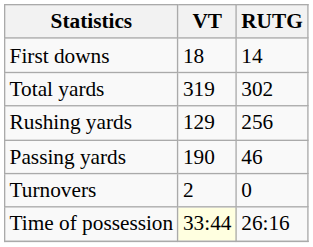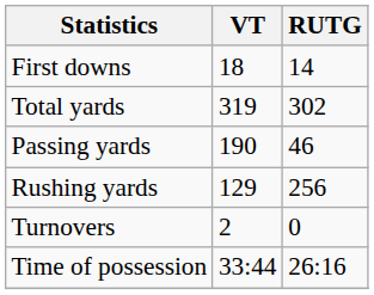 <table class="wikitable">
 <tr>
 <th>Statistics</th>
 <th>VT</th>
 <th>RUTG</th>
 </tr>
 <tr>
 <td>First downs</td>
 <td>18</td>
 <td>14</td>
 </tr>
 <tr>
 <td>Total yards</td>
 <td>319</td>
 <td>302</td>
 </tr>
 <tr>
+<td>Passing yards</td>
+<td>190</td>
+<td>46</td>
+</tr>
+<tr>
 <td>Rushing yards</td>
 <td>129</td>
 <td>256</td>
-</tr>
-<tr>
-<td>Passing yards</td>
-<td>190</td>
-<td>46</td>
 </tr>
 <tr>
 <td>Turnovers</td>
 <td>2</td>
 <td>0</td>
 </tr>
 <tr>
 <td>Time of possession</td>
-<td style="background: lightyellow;">33:44</td>
+<td>33:44</td>
 <td>26:16</td>
 </tr>
 <tr>
 </tr>
 </table>
